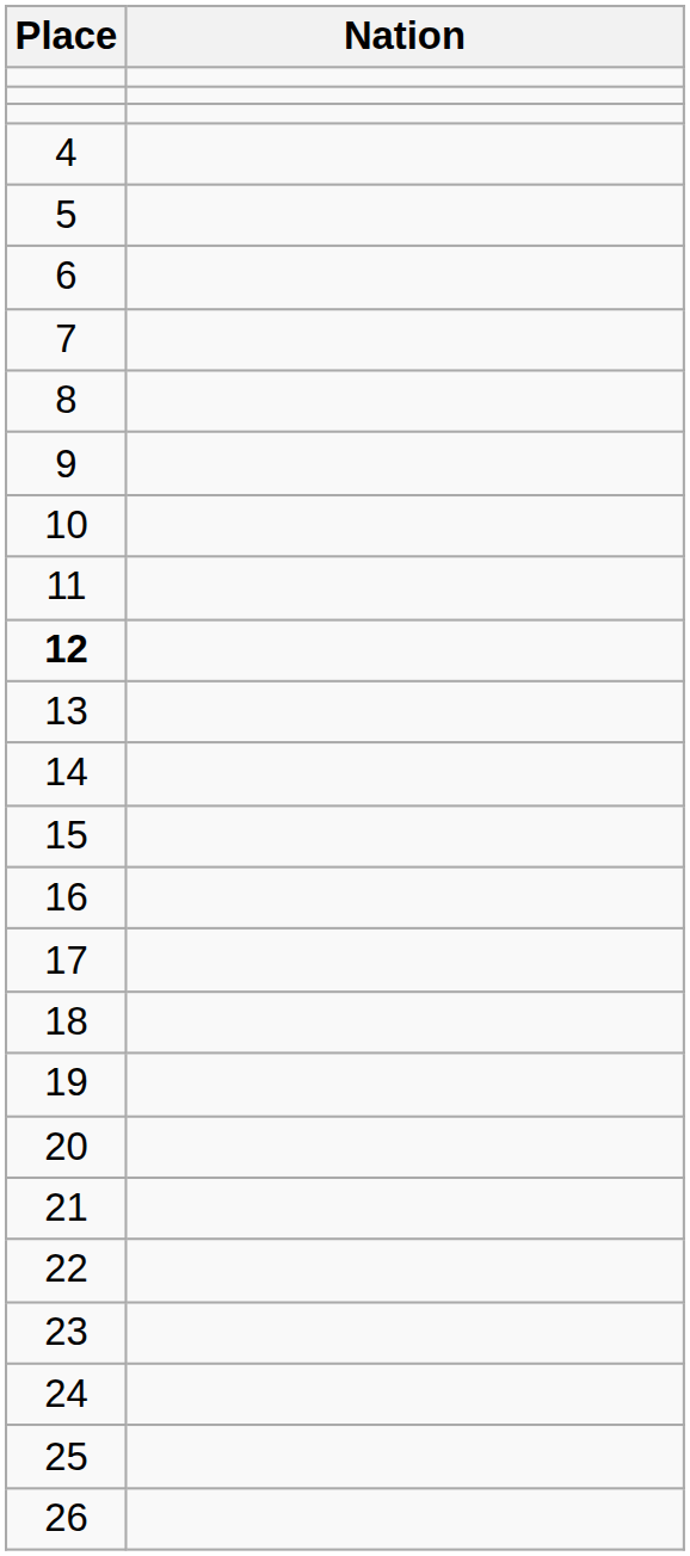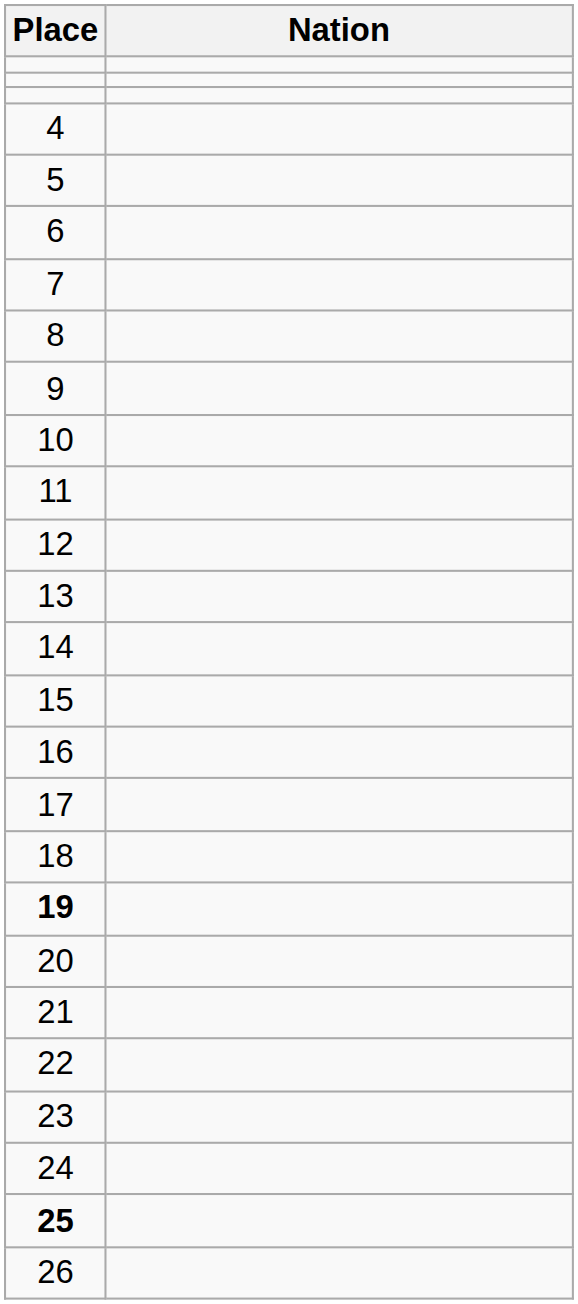 <table class=wikitable style=text-align:center>
 <tr>
 <th width=35>Place</th>
 <th width=220>Nation</th>
 </tr>
 <tr>
 <td></td>
 <td style=text-align:left></td>
 </tr>
 <tr>
 <td></td>
 <td style=text-align:left></td>
 </tr>
 <tr>
 <td></td>
 <td style=text-align:left></td>
 </tr>
 <tr>
 <td>4</td>
 <td style=text-align:left></td>
 </tr>
 <tr>
 <td>5</td>
 <td style=text-align:left></td>
 </tr>
 <tr>
 <td>6</td>
 <td style=text-align:left></td>
 </tr>
 <tr>
 <td>7</td>
 <td style=text-align:left></td>
 </tr>
 <tr>
 <td>8</td>
 <td style=text-align:left></td>
 </tr>
 <tr>
 <td>9</td>
 <td style=text-align:left></td>
 </tr>
 <tr>
 <td>10</td>
 <td style=text-align:left></td>
 </tr>
 <tr>
 <td>11</td>
 <td style=text-align:left></td>
 </tr>
 <tr>
-<td><strong>12</strong></td>
+<td>12</td>
 <td style=text-align:left></td>
 </tr>
 <tr>
 <td>13</td>
 <td style=text-align:left></td>
 </tr>
 <tr>
 <td>14</td>
 <td style=text-align:left></td>
 </tr>
 <tr>
 <td>15</td>
 <td style=text-align:left></td>
 </tr>
 <tr>
 <td>16</td>
 <td style=text-align:left></td>
 </tr>
 <tr>
 <td>17</td>
 <td style=text-align:left></td>
 </tr>
 <tr>
 <td>18</td>
 <td style=text-align:left></td>
 </tr>
 <tr>
-<td>19</td>
+<td><strong>19</strong></td>
 <td style=text-align:left></td>
 </tr>
 <tr>
 <td>20</td>
 <td style=text-align:left></td>
 </tr>
 <tr>
 <td>21</td>
 <td style=text-align:left></td>
 </tr>
 <tr>
 <td>22</td>
 <td style=text-align:left></td>
 </tr>
 <tr>
 <td>23</td>
 <td style=text-align:left></td>
 </tr>
 <tr>
 <td>24</td>
 <td style=text-align:left></td>
 </tr>
 <tr>
-<td>25</td>
+<td><strong>25</strong></td>
 <td style=text-align:left></td>
 </tr>
 <tr>
 <td>26</td>
 <td style=text-align:left></td>
 </tr>
 </table>
